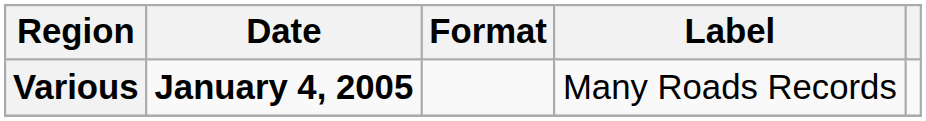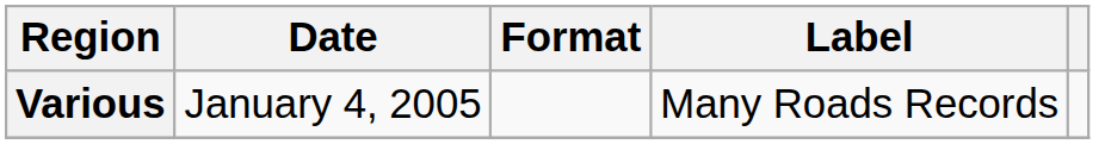 <table class="wikitable plainrowheaders">
 <tr>
 <th scope="col">Region</th>
 <th scope="col">Date</th>
 <th scope="col">Format</th>
 <th scope="col">Label</th>
 <th scope="col"></th>
 </tr>
 <tr>
 <th scope="row">Various</th>
-<td><strong>January 4, 2005</strong></td>
+<td>January 4, 2005</td>
 <td></td>
 <td>Many Roads Records</td>
 <td style="text-align:center;"></td>
 </tr>
 <tr>
 </tr>
 </table>
